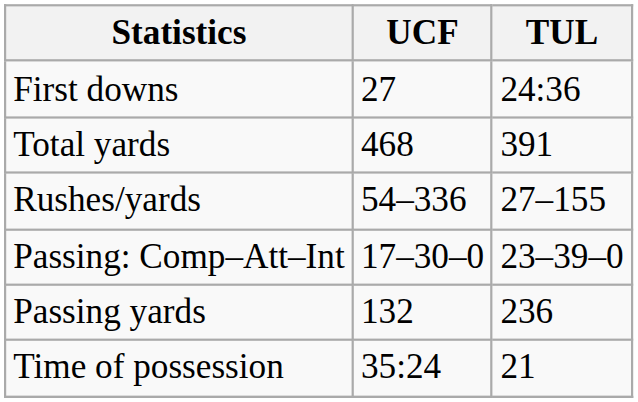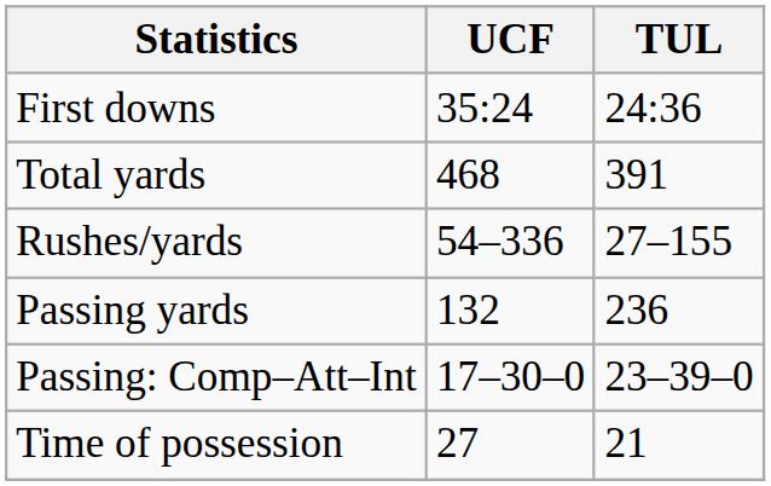 <table class="wikitable" style="float: left;">
 <tr>
 <th>Statistics</th>
 <th>UCF</th>
 <th>TUL</th>
 </tr>
 <tr>
 <td>First downs</td>
-<td>27</td>
+<td>35:24</td>
 <td>24:36</td>
 </tr>
 <tr>
 <td>Total yards</td>
 <td>468</td>
 <td>391</td>
 </tr>
 <tr>
 <td>Rushes/yards</td>
 <td>54–336</td>
 <td>27–155</td>
 </tr>
 <tr>
+<td>Passing yards</td>
+<td>132</td>
+<td>236</td>
+</tr>
+<tr>
 <td>Passing: Comp–Att–Int</td>
 <td>17–30–0</td>
 <td>23–39–0</td>
 </tr>
 <tr>
-<td>Passing yards</td>
-<td>132</td>
-<td>236</td>
-</tr>
-<tr>
 <td>Time of possession</td>
-<td>35:24</td>
+<td>27</td>
 <td>21</td>
 </tr>
 <tr>
 </tr>
 </table>
